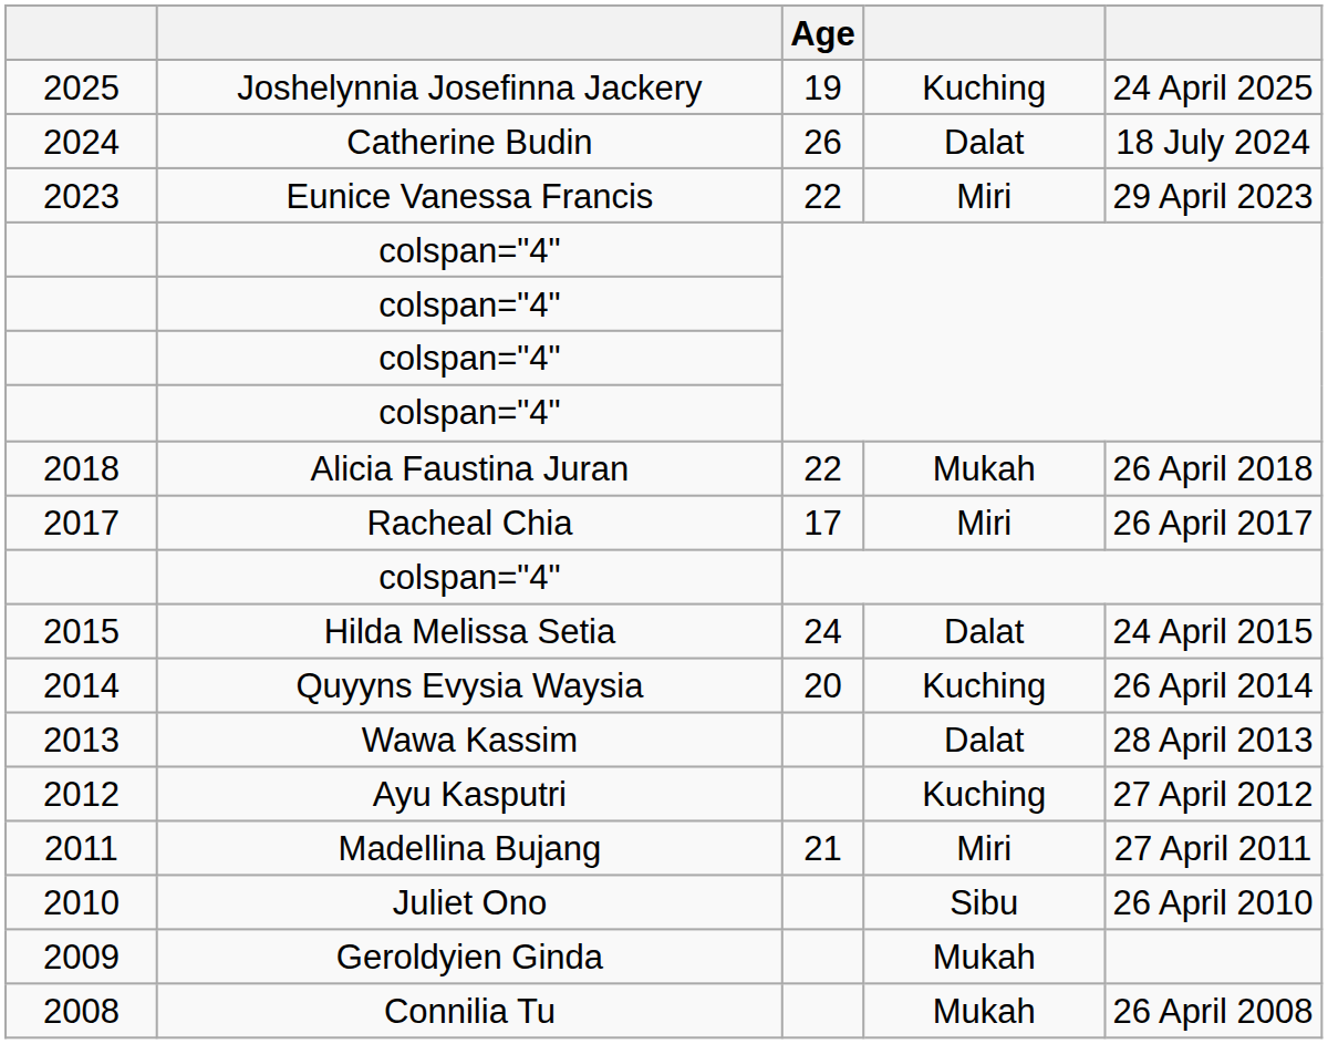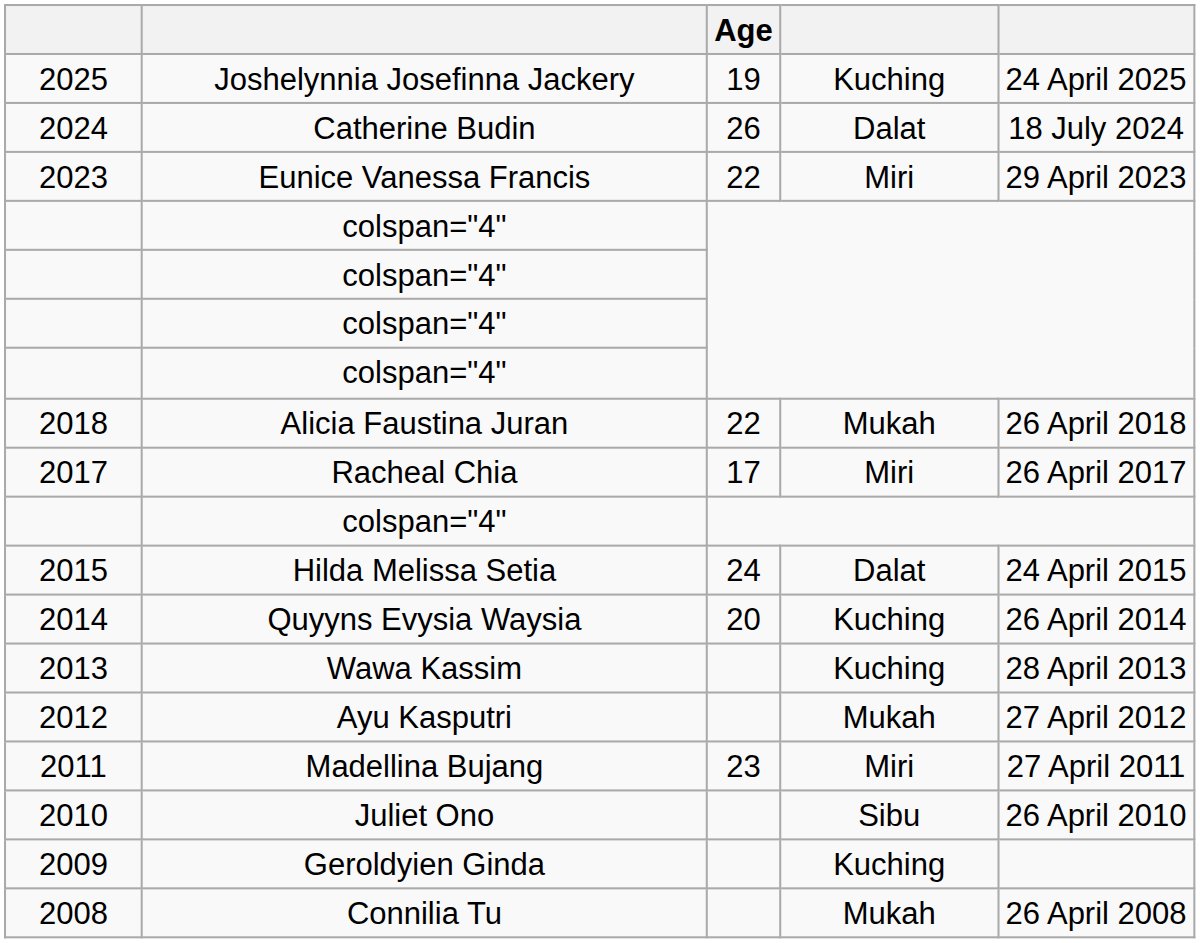 <table class="wikitable sortable" style="font-size: 95%; text-align:center">
 <tr>
 <th width="60"></th>
 <th width="270"></th>
 <th>Age</th>
 <th width="100"></th>
 <th></th>
 </tr>
 <tr>
 <td>2025</td>
 <td>Joshelynnia Josefinna Jackery</td>
 <td>19</td>
 <td>Kuching</td>
 <td>24 April 2025</td>
 </tr>
 <tr>
 <td>2024</td>
 <td>Catherine Budin</td>
 <td>26</td>
 <td>Dalat</td>
 <td>18 July 2024</td>
 </tr>
 <tr>
 <td>2023</td>
 <td>Eunice Vanessa Francis</td>
 <td>22</td>
 <td>Miri</td>
 <td>29 April 2023</td>
 </tr>
 <tr>
 <td></td>
 <td>colspan="4" </td>
 </tr>
 <tr>
 <td></td>
 <td>colspan="4" </td>
 </tr>
 <tr>
 <td></td>
 <td>colspan="4" </td>
 </tr>
 <tr>
 <td></td>
 <td>colspan="4" </td>
 </tr>
 <tr>
 <td>2018</td>
 <td>Alicia Faustina Juran</td>
 <td>22</td>
 <td>Mukah</td>
 <td>26 April 2018</td>
 </tr>
 <tr>
 <td>2017</td>
 <td>Racheal Chia</td>
 <td>17</td>
 <td>Miri</td>
 <td>26 April 2017</td>
 </tr>
 <tr>
 <td></td>
 <td>colspan="4" </td>
 </tr>
 <tr>
 <td>2015</td>
 <td>Hilda Melissa Setia</td>
 <td>24</td>
 <td>Dalat</td>
 <td>24 April 2015</td>
 </tr>
 <tr>
 <td>2014</td>
 <td>Quyyns Evysia Waysia</td>
 <td>20</td>
 <td>Kuching</td>
 <td>26 April 2014</td>
 </tr>
 <tr>
 <td>2013</td>
 <td>Wawa Kassim</td>
 <td></td>
-<td>Dalat</td>
+<td>Kuching</td>
 <td>28 April 2013</td>
 </tr>
 <tr>
 <td>2012</td>
 <td>Ayu Kasputri</td>
 <td></td>
-<td>Kuching</td>
+<td>Mukah</td>
 <td>27 April 2012</td>
 </tr>
 <tr>
 <td>2011</td>
 <td>Madellina Bujang</td>
-<td>21</td>
+<td>23</td>
 <td>Miri</td>
 <td>27 April 2011</td>
 </tr>
 <tr>
 <td>2010</td>
 <td>Juliet Ono</td>
 <td></td>
 <td>Sibu</td>
 <td>26 April 2010</td>
 </tr>
 <tr>
 <td>2009</td>
 <td>Geroldyien Ginda</td>
 <td></td>
-<td>Mukah</td>
+<td>Kuching</td>
 <td></td>
 </tr>
 <tr>
 <td>2008</td>
 <td>Connilia Tu</td>
 <td></td>
 <td>Mukah</td>
 <td>26 April 2008</td>
 </tr>
 </table>
